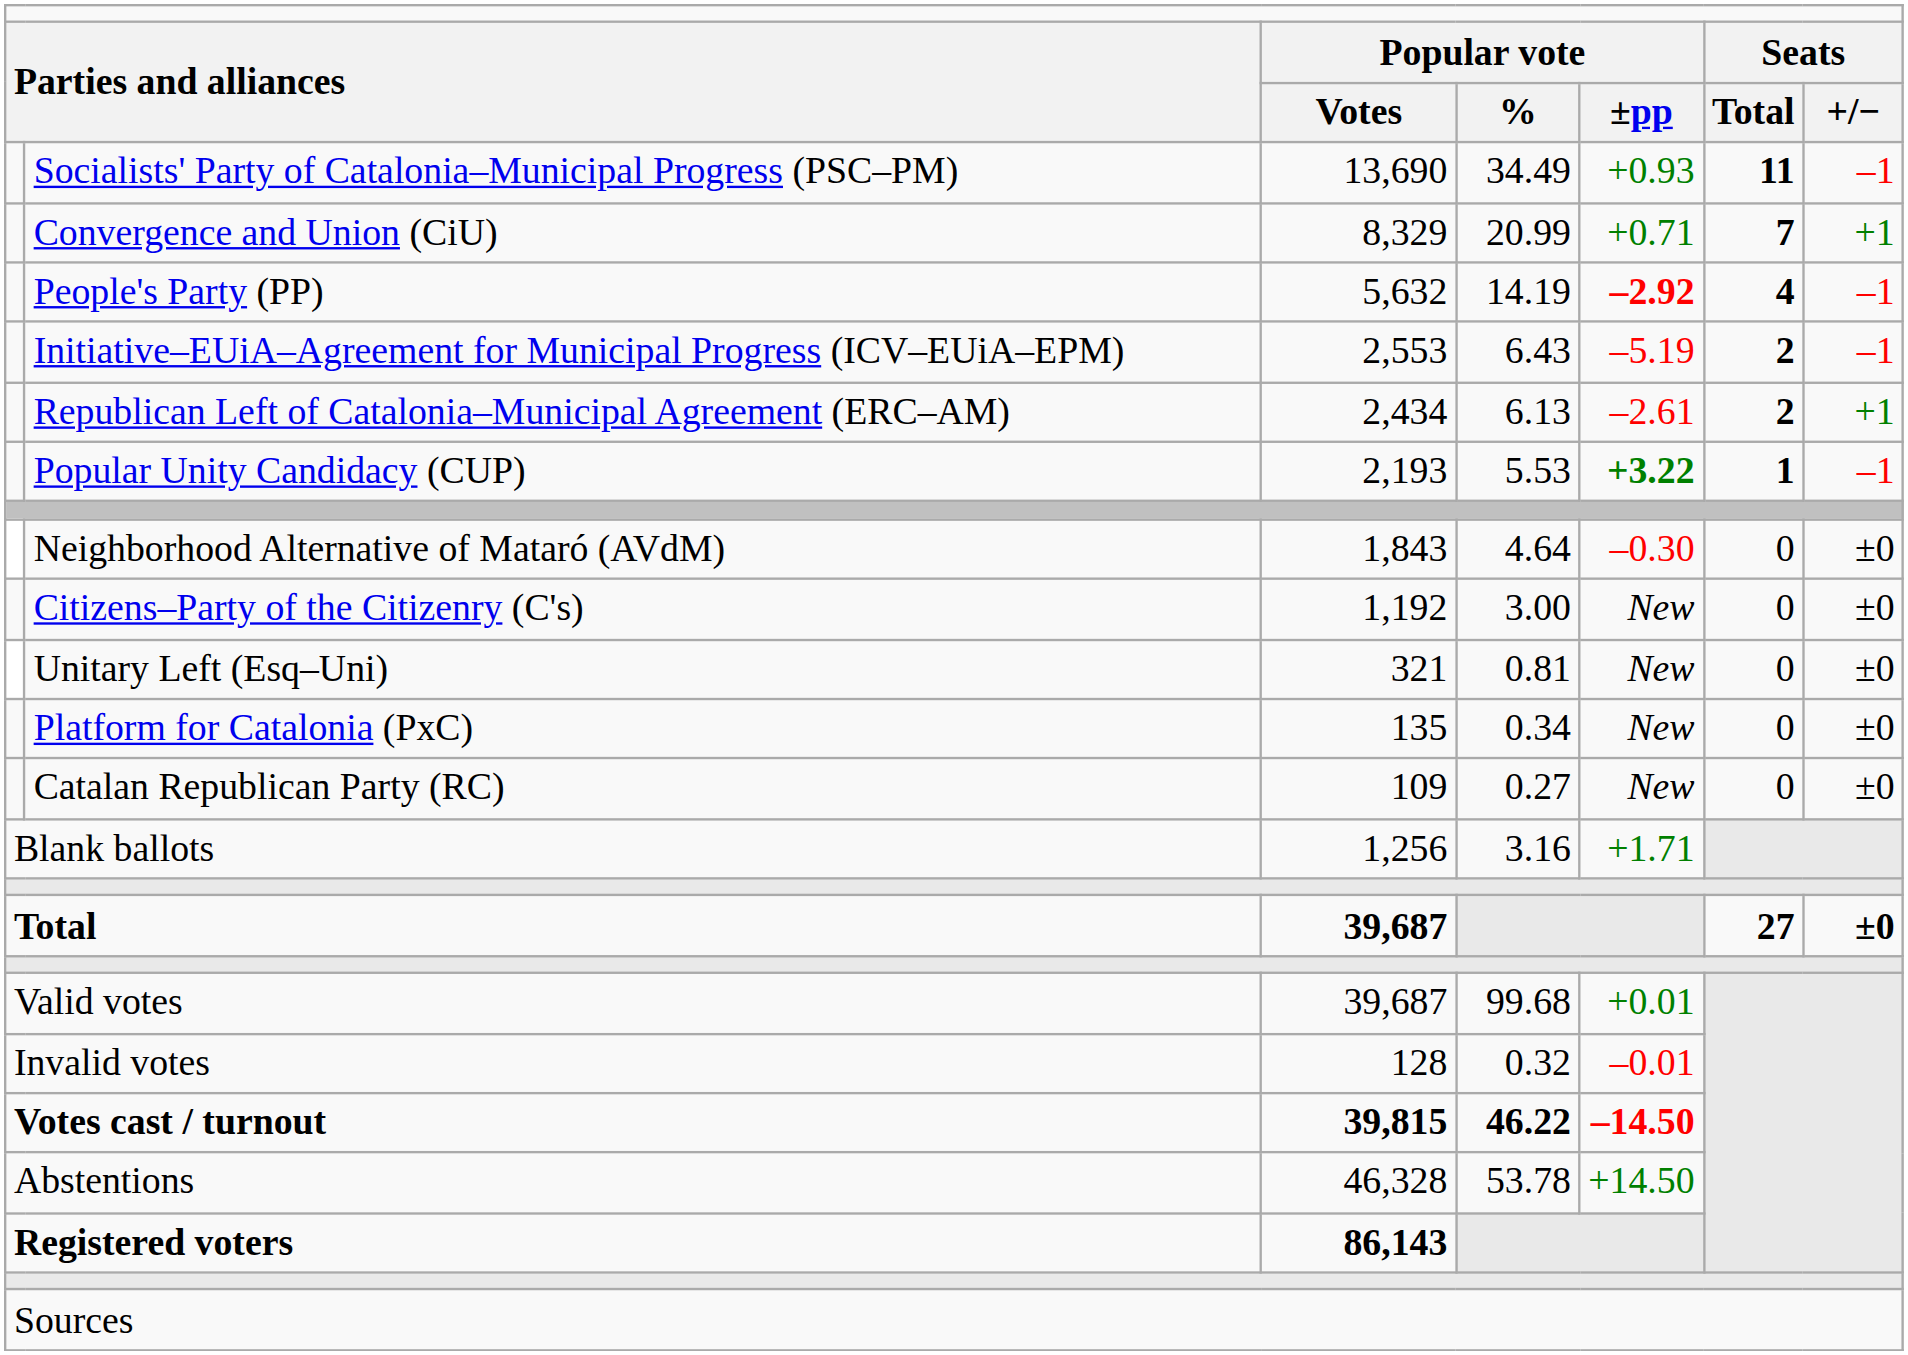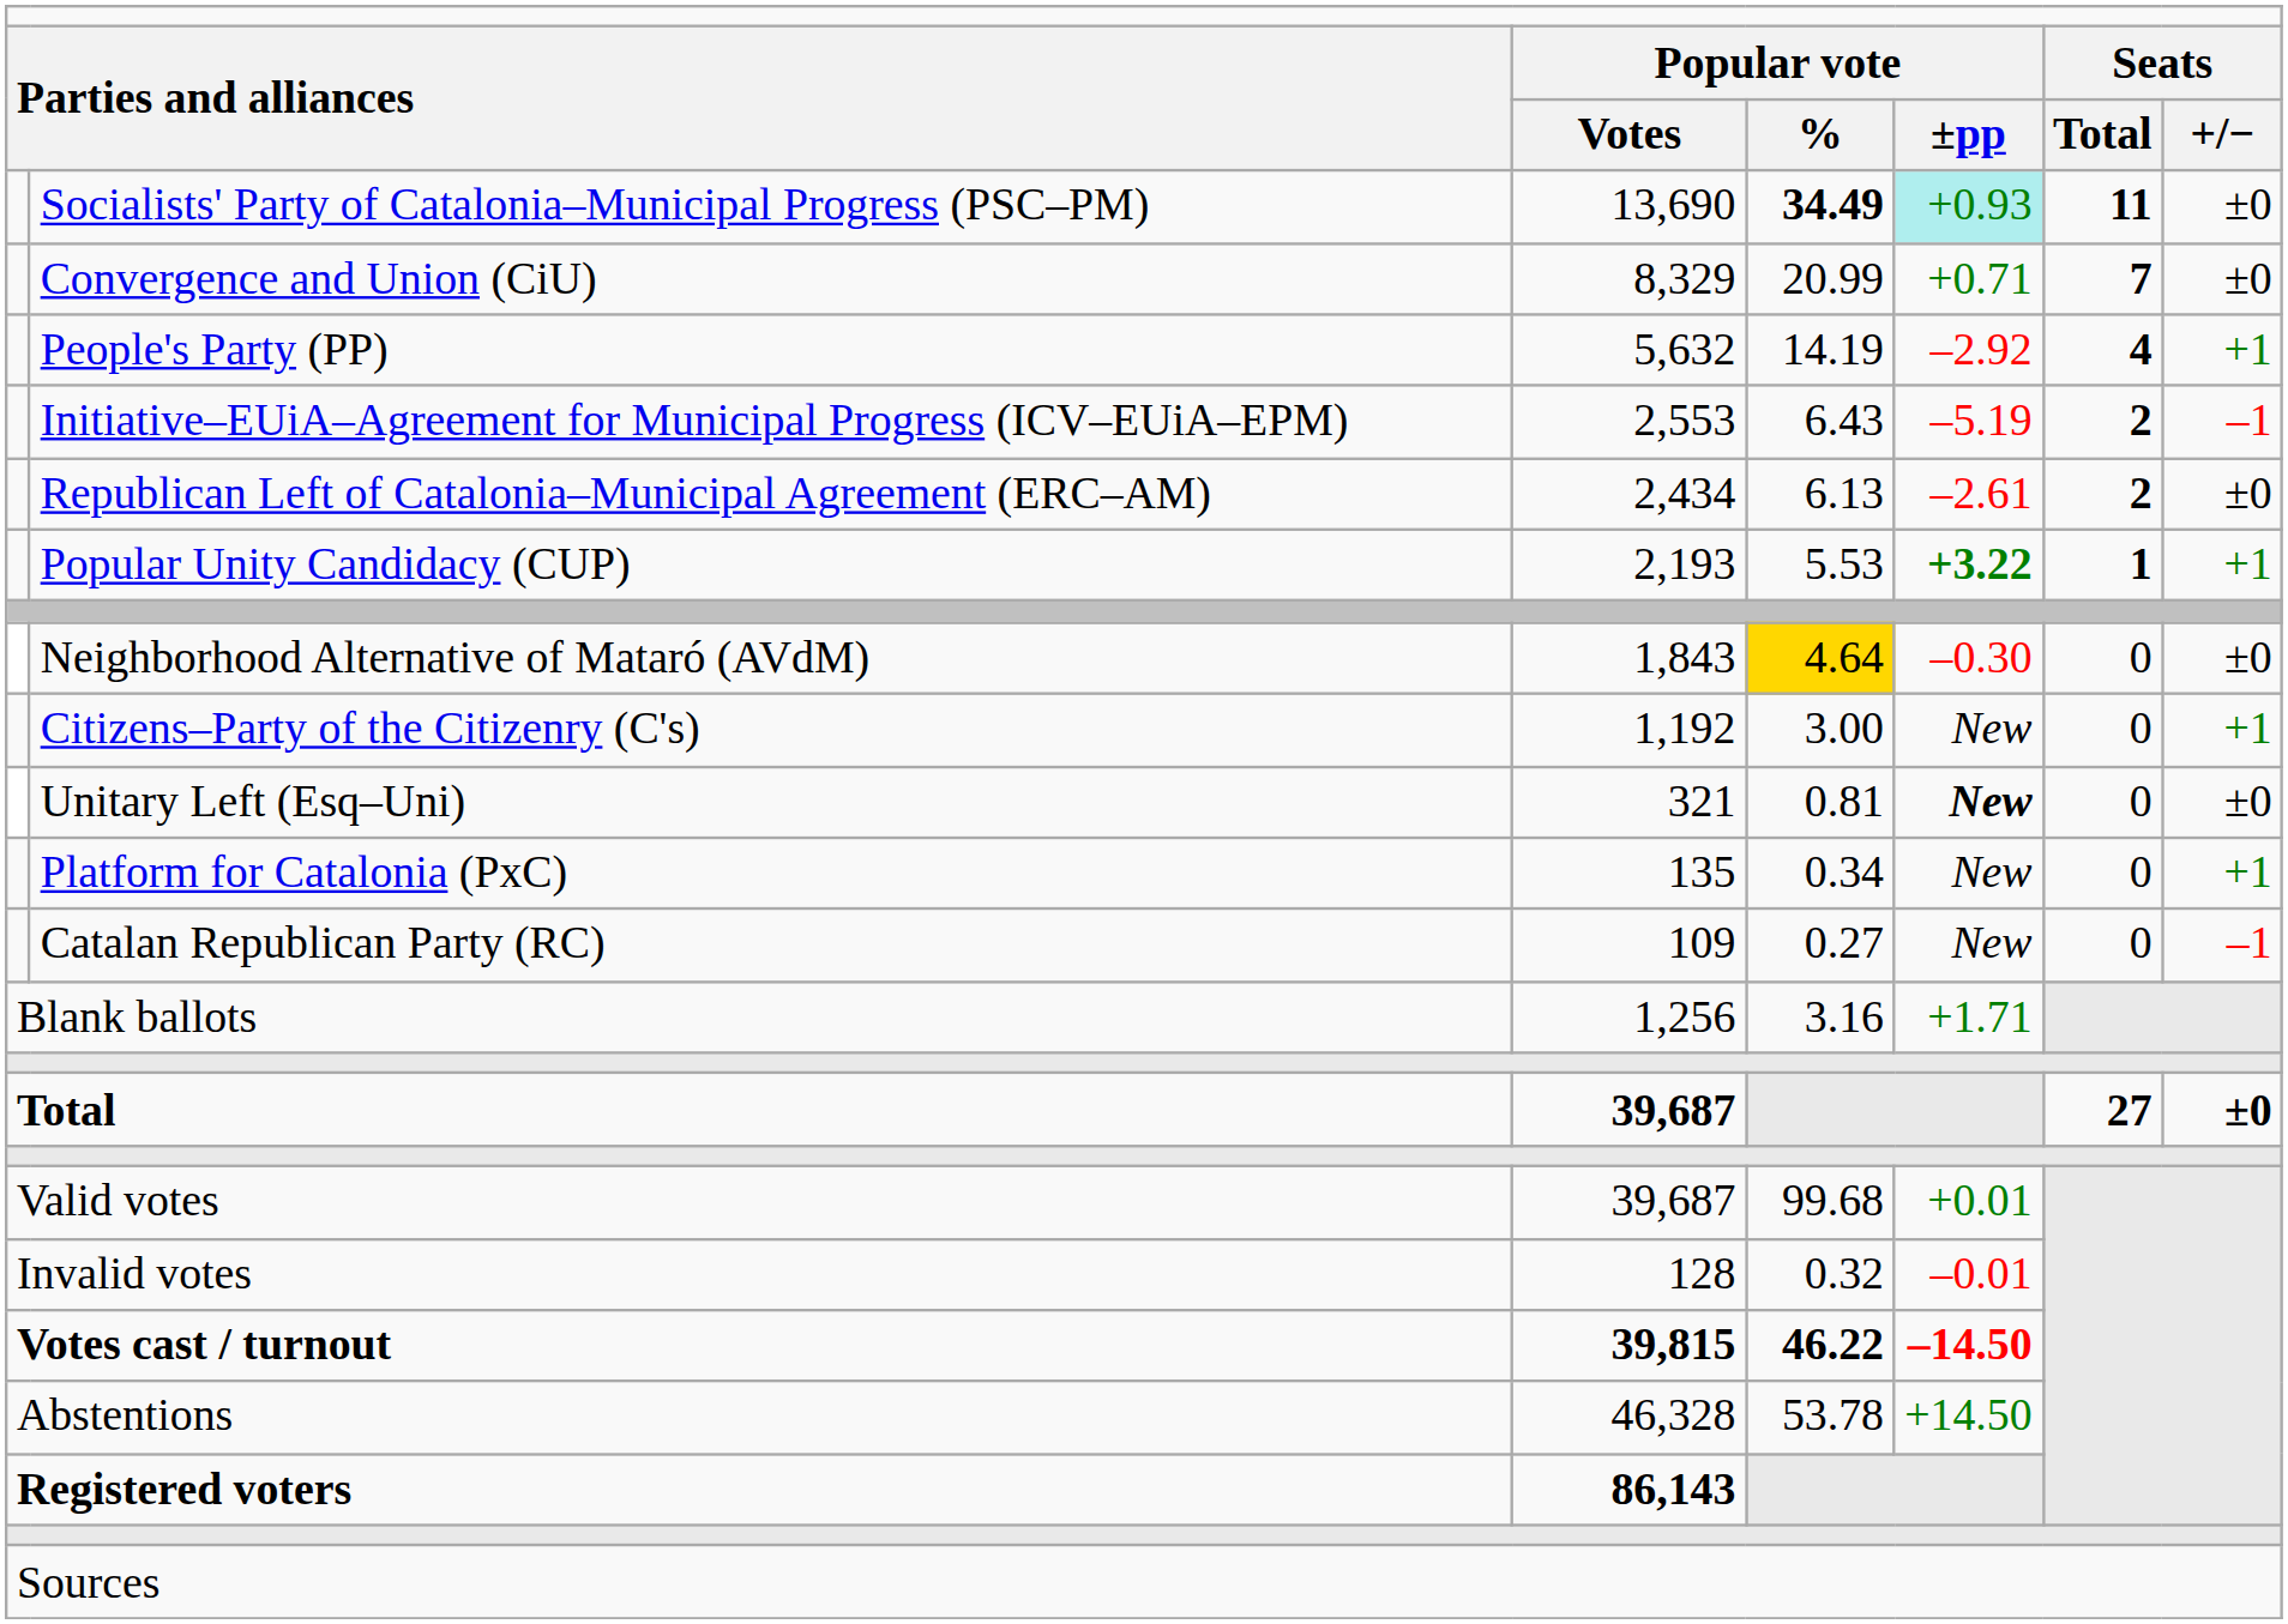 <table class="wikitable" style="text-align:right;">
 <tr>
 <td colspan="7"></td>
 </tr>
 <tr>
 <th style="text-align:left;" rowspan="2" colspan="2" width="525">Parties and alliances</th>
 <th colspan="3">Popular vote</th>
 <th colspan="2">Seats</th>
 </tr>
 <tr>
 <th width="75">Votes</th>
 <th width="45">%</th>
 <th width="45">±<a href='#'>pp</a></th>
 <th width="35">Total</th>
 <th width="35">+/−</th>
 </tr>
 <tr>
 <td width="1" style="color:inherit;background:"></td>
 <td align="left"><a href='#'>Socialists' Party of Catalonia–Municipal Progress</a> (PSC–PM)</td>
 <td>13,690</td>
-<td>34.49</td>
-<td style="color:green;">+0.93</td>
+<td><strong>34.49</strong></td>
+<td style="background: paleturquoise; color:green;">+0.93</td>
 <td><strong>11</strong></td>
-<td style="color:red;">–1</td>
+<td>±0</td>
 </tr>
 <tr>
 <td style="color:inherit;background:"></td>
 <td align="left"><a href='#'>Convergence and Union</a> (CiU)</td>
 <td>8,329</td>
 <td>20.99</td>
 <td style="color:green;">+0.71</td>
 <td><strong>7</strong></td>
-<td style="color:green;">+1</td>
+<td>±0</td>
 </tr>
 <tr>
 <td style="color:inherit;background:"></td>
 <td align="left"><a href='#'>People's Party</a> (PP)</td>
 <td>5,632</td>
 <td>14.19</td>
-<td style="color:red;"><strong>–2.92</strong></td>
+<td style="color:red;">–2.92</td>
 <td><strong>4</strong></td>
-<td style="color:red;">–1</td>
+<td style="color:green;">+1</td>
 </tr>
 <tr>
 <td style="color:inherit;background:"></td>
 <td align="left"><a href='#'>Initiative–EUiA–Agreement for Municipal Progress</a> (ICV–EUiA–EPM)</td>
 <td>2,553</td>
 <td>6.43</td>
 <td style="color:red;">–5.19</td>
 <td><strong>2</strong></td>
 <td style="color:red;">–1</td>
 </tr>
 <tr>
 <td style="color:inherit;background:"></td>
 <td align="left"><a href='#'>Republican Left of Catalonia–Municipal Agreement</a> (ERC–AM)</td>
 <td>2,434</td>
 <td>6.13</td>
 <td style="color:red;">–2.61</td>
 <td><strong>2</strong></td>
-<td style="color:green;">+1</td>
+<td>±0</td>
 </tr>
 <tr>
 <td style="color:inherit;background:"></td>
 <td align="left"><a href='#'>Popular Unity Candidacy</a> (CUP)</td>
 <td>2,193</td>
 <td>5.53</td>
 <td style="color:green;"><strong>+3.22</strong></td>
 <td><strong>1</strong></td>
-<td style="color:red;">–1</td>
+<td style="color:green;">+1</td>
 </tr>
 <tr>
 <td colspan="7" style="color:inherit;background:#C0C0C0"></td>
 </tr>
 <tr>
 <td bgcolor="white"></td>
 <td align="left">Neighborhood Alternative of Mataró (AVdM)</td>
 <td>1,843</td>
-<td>4.64</td>
+<td style="background: gold;">4.64</td>
 <td style="color:red;">–0.30</td>
 <td>0</td>
 <td>±0</td>
 </tr>
 <tr>
 <td style="color:inherit;background:"></td>
 <td align="left"><a href='#'>Citizens–Party of the Citizenry</a> (C's)</td>
 <td>1,192</td>
 <td>3.00</td>
 <td><em>New</em></td>
 <td>0</td>
-<td>±0</td>
+<td style="color:green;">+1</td>
 </tr>
 <tr>
 <td bgcolor="white"></td>
 <td align="left">Unitary Left (Esq–Uni)</td>
 <td>321</td>
 <td>0.81</td>
-<td><em>New</em></td>
+<td><strong><em>New</em></strong></td>
 <td>0</td>
 <td>±0</td>
 </tr>
 <tr>
 <td style="color:inherit;background:"></td>
 <td align="left"><a href='#'>Platform for Catalonia</a> (PxC)</td>
 <td>135</td>
 <td>0.34</td>
 <td><em>New</em></td>
 <td>0</td>
-<td>±0</td>
+<td style="color:green;">+1</td>
 </tr>
 <tr>
 <td style="color:inherit;background:"></td>
 <td align="left">Catalan Republican Party (RC)</td>
 <td>109</td>
 <td>0.27</td>
 <td><em>New</em></td>
 <td>0</td>
-<td>±0</td>
+<td style="color:red;">–1</td>
 </tr>
 <tr>
 <td align="left" colspan="2">Blank ballots</td>
 <td>1,256</td>
 <td>3.16</td>
 <td style="color:green;">+1.71</td>
 <td style="color:inherit;background:#E9E9E9" colspan="2"></td>
 </tr>
 <tr>
 <td colspan="7" style="color:inherit;background:#E9E9E9"></td>
 </tr>
 <tr style="font-weight:bold;">
 <td align="left" colspan="2">Total</td>
 <td>39,687</td>
 <td bgcolor="#E9E9E9" colspan="2"></td>
 <td>27</td>
 <td>±0</td>
 </tr>
 <tr>
 <td colspan="7" style="color:inherit;background:#E9E9E9"></td>
 </tr>
 <tr>
 <td align="left" colspan="2">Valid votes</td>
 <td>39,687</td>
 <td>99.68</td>
 <td style="color:green;">+0.01</td>
 <td bgcolor="#E9E9E9" colspan="2" rowspan="5"></td>
 </tr>
 <tr>
 <td align="left" colspan="2">Invalid votes</td>
 <td>128</td>
 <td>0.32</td>
 <td style="color:red;">–0.01</td>
 </tr>
 <tr style="font-weight:bold;">
 <td align="left" colspan="2">Votes cast / turnout</td>
 <td>39,815</td>
 <td>46.22</td>
 <td style="color:red;">–14.50</td>
 </tr>
 <tr>
 <td align="left" colspan="2">Abstentions</td>
 <td>46,328</td>
 <td>53.78</td>
 <td style="color:green;">+14.50</td>
 </tr>
 <tr style="font-weight:bold;">
 <td align="left" colspan="2">Registered voters</td>
 <td>86,143</td>
 <td bgcolor="#E9E9E9" colspan="2"></td>
 </tr>
 <tr>
 <td colspan="7" style="color:inherit;background:#E9E9E9"></td>
 </tr>
 <tr>
 <td align="left" colspan="7">Sources</td>
 </tr>
 </table>
